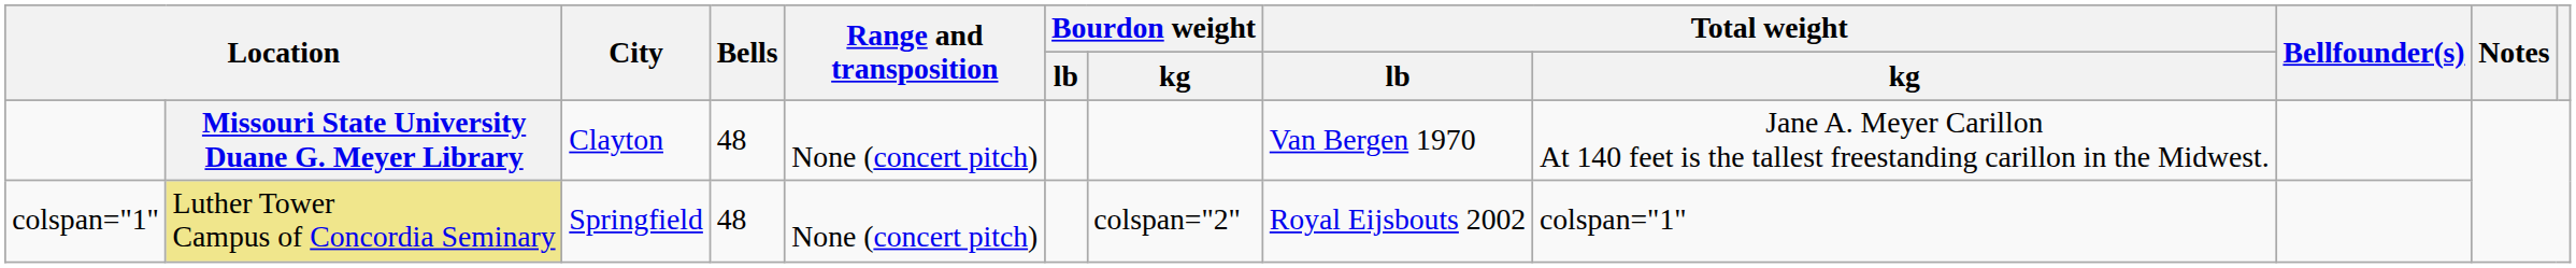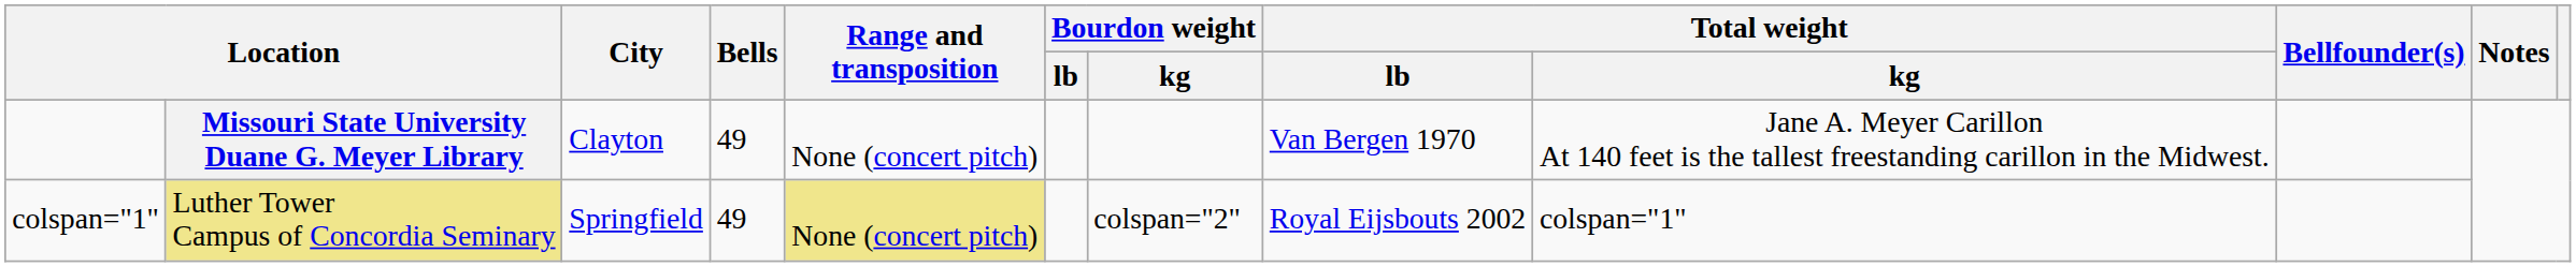 <table class="wikitable plainrowheaders">
 <tr>
 <th scope="col" colspan="2" rowspan="2" class="unsortable">Location</th>
 <th scope="col" rowspan="2">City</th>
 <th scope="col" rowspan="2">Bells</th>
 <th scope="col" rowspan="2" class="unsortable"><a href='#'>Range</a> and<br><a href='#'>transposition</a></th>
 <th scope="col" colspan="2"><a href='#'>Bourdon</a> weight</th>
 <th scope="col" colspan="2">Total weight</th>
 <th scope="col" rowspan="2" class="unsortable"><a href='#'>Bellfounder(s)</a></th>
 <th scope="col" rowspan="2" class="unsortable">Notes</th>
 <th scope="col" rowspan="2" class="unsortable"></th>
 </tr>
 <tr>
 <th scope="col">lb</th>
 <th scope="col">kg</th>
 <th scope="col">lb</th>
 <th scope="col">kg</th>
 </tr>
 <tr>
 <td></td>
 <th scope="row"><a href='#'>Missouri State University</a> <br> <a href='#'>Duane G. Meyer Library</a></th>
 <td><a href='#'> Clayton</a></td>
-<td>48</td>
+<td>49</td>
 <td style="text-align: center"><br>None (<a href='#'>concert pitch</a>)</td>
 <td></td>
 <td></td>
 <td><a href='#'>Van Bergen</a> 1970</td>
 <td style="text-align: center">Jane A. Meyer Carillon <br> At 140 feet is the tallest freestanding carillon in the Midwest.</td>
 <td></td>
 </tr>
 <tr>
 <td>colspan="1" </td>
 <td style="background: khaki;">Luther Tower <br> Campus of <a href='#'>Concordia Seminary</a></td>
 <td><a href='#'>Springfield</a></td>
-<td>48</td>
-<td style="text-align: center"><br>None (<a href='#'>concert pitch</a>)</td>
+<td>49</td>
+<td style="background: khaki; text-align: center"><br>None (<a href='#'>concert pitch</a>)</td>
 <td></td>
 <td>colspan="2" </td>
 <td><a href='#'>Royal Eijsbouts</a> 2002</td>
 <td>colspan="1" </td>
 <td></td>
 </tr>
 </table>
